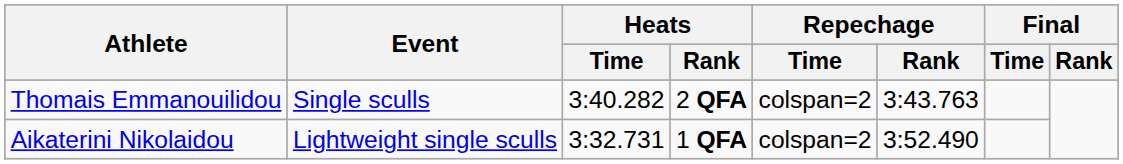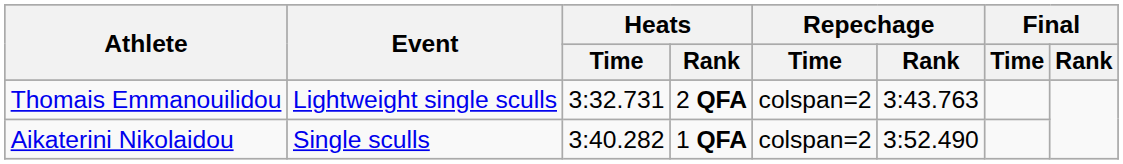 <table class=wikitable style="font-size:90%;">
 <tr>
 <th rowspan=2>Athlete</th>
 <th rowspan=2>Event</th>
 <th colspan=2>Heats</th>
 <th colspan=2>Repechage</th>
 <th colspan=2>Final</th>
 </tr>
 <tr style="font-size:95%">
 <th>Time</th>
 <th>Rank</th>
 <th>Time</th>
 <th>Rank</th>
 <th>Time</th>
 <th>Rank</th>
 </tr>
 <tr align=center>
 <td align=left><a href='#'>Thomais Emmanouilidou</a></td>
-<td align=left><a href='#'>Single sculls</a></td>
-<td>3:40.282</td>
+<td align=left><a href='#'>Lightweight single sculls</a></td>
+<td>3:32.731</td>
 <td>2 <strong>QFA</strong></td>
 <td>colspan=2 </td>
 <td>3:43.763</td>
 <td></td>
 </tr>
 <tr align=center>
 <td align=left><a href='#'>Aikaterini Nikolaidou</a></td>
-<td align=left><a href='#'>Lightweight single sculls</a></td>
-<td>3:32.731</td>
+<td align=left><a href='#'>Single sculls</a></td>
+<td>3:40.282</td>
 <td>1 <strong>QFA</strong></td>
 <td>colspan=2 </td>
 <td>3:52.490</td>
 <td></td>
 </tr>
 </table>
